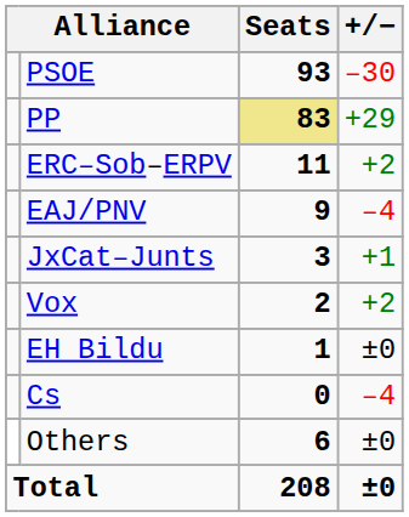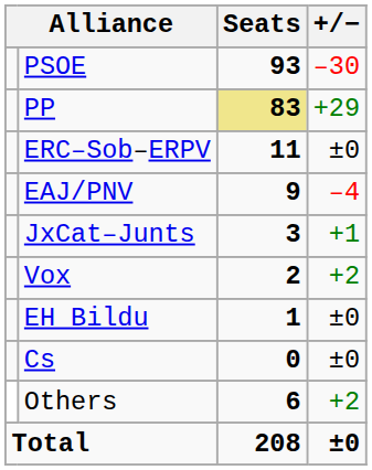 <table class="wikitable" style="text-align:right; font-size:95%;">
 <tr>
 <th colspan="2">Alliance</th>
 <th>Seats</th>
 <th>+/−</th>
 </tr>
 <tr>
 <td style="background:"></td>
 <td align="left"><a href='#'>PSOE</a></td>
 <td><strong>93</strong></td>
 <td style="color:red;">–30</td>
 </tr>
 <tr>
 <td style="background:"></td>
 <td align="left"><a href='#'>PP</a></td>
 <td style="background: khaki;"><strong>83</strong></td>
 <td style="color:green;">+29</td>
 </tr>
 <tr>
 <td style="background:"></td>
 <td align="left"><a href='#'>ERC–Sob</a>–<a href='#'>ERPV</a></td>
 <td><strong>11</strong></td>
-<td style="color:green;">+2</td>
+<td>±0</td>
 </tr>
 <tr>
 <td style="background:"></td>
 <td align="left"><a href='#'>EAJ/PNV</a></td>
 <td><strong>9</strong></td>
 <td style="color:red;">–4</td>
 </tr>
 <tr>
 <td style="background:"></td>
 <td align="left"><a href='#'>JxCat–Junts</a></td>
 <td><strong>3</strong></td>
 <td style="color:green;">+1</td>
 </tr>
 <tr>
 <td style="background:"></td>
 <td align="left"><a href='#'>Vox</a></td>
 <td><strong>2</strong></td>
 <td style="color:green;">+2</td>
 </tr>
 <tr>
 <td style="background:"></td>
 <td align="left"><a href='#'>EH Bildu</a></td>
 <td><strong>1</strong></td>
 <td>±0</td>
 </tr>
 <tr>
 <td style="background:"></td>
 <td align="left"><a href='#'>Cs</a></td>
 <td><strong>0</strong></td>
-<td style="color:red;">–4</td>
+<td>±0</td>
 </tr>
 <tr>
 <td style="background:white;"></td>
 <td align="left">Others</td>
 <td><strong>6</strong></td>
-<td>±0</td>
+<td style="color:green;">+2</td>
 </tr>
 <tr style="font-weight:bold">
 <td colspan="2" align="left">Total</td>
 <td>208</td>
 <td>±0</td>
 </tr>
 </table>
